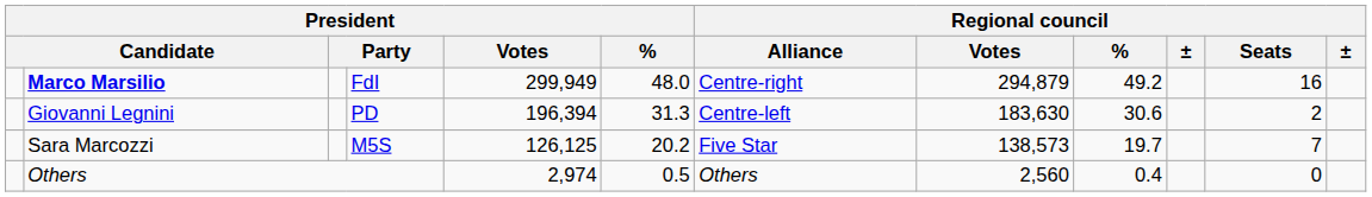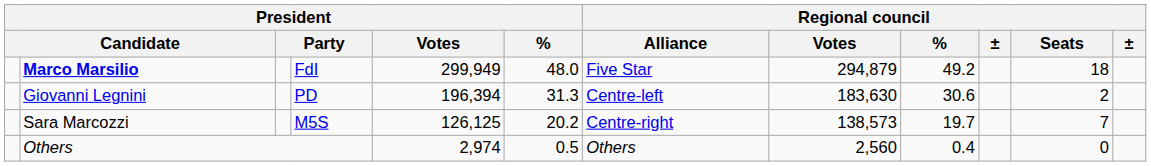 <table class="wikitable" style="text-align:right; style="width=70%">
 <tr>
 <th colspan="6">President</th>
 <th colspan="6">Regional council</th>
 </tr>
 <tr>
 <th colspan="2">Candidate</th>
 <th colspan="2">Party</th>
 <th>Votes</th>
 <th>%</th>
 <th>Alliance</th>
 <th>Votes</th>
 <th>%</th>
 <th>±</th>
 <th>Seats</th>
 <th>±</th>
 </tr>
 <tr>
 <td></td>
 <td style="text-align:left"><strong><a href='#'>Marco Marsilio</a></strong></td>
 <td></td>
 <td style="text-align:left"><a href='#'>FdI</a></td>
 <td>299,949</td>
 <td>48.0</td>
-<td style="text-align:left"><a href='#'>Centre-right</a></td>
+<td style="text-align:left"><a href='#'>Five Star</a></td>
 <td>294,879</td>
 <td>49.2</td>
 <td></td>
-<td>16</td>
+<td>18</td>
 <td></td>
 </tr>
 <tr>
 <td></td>
 <td style="text-align:left"><a href='#'>Giovanni Legnini</a></td>
 <td></td>
 <td style="text-align:left"><a href='#'>PD</a></td>
 <td>196,394</td>
 <td>31.3</td>
 <td style="text-align:left"><a href='#'>Centre-left</a></td>
 <td>183,630</td>
 <td>30.6</td>
 <td></td>
 <td>2</td>
 <td></td>
 </tr>
 <tr>
 <td></td>
 <td style="text-align:left">Sara Marcozzi</td>
 <td></td>
 <td style="text-align:left"><a href='#'>M5S</a></td>
 <td>126,125</td>
 <td>20.2</td>
-<td style="text-align:left"><a href='#'>Five Star</a></td>
+<td style="text-align:left"><a href='#'>Centre-right</a></td>
 <td>138,573</td>
 <td>19.7</td>
 <td></td>
 <td>7</td>
 <td></td>
 </tr>
 <tr>
 <td></td>
 <td colspan="3" style="text-align:left"><em>Others</em></td>
 <td>2,974</td>
 <td>0.5</td>
 <td style="text-align:left"><em>Others</em></td>
 <td>2,560</td>
 <td>0.4</td>
 <td></td>
 <td>0</td>
 <td></td>
 </tr>
 </table>
